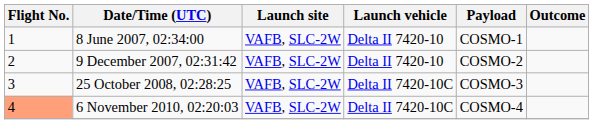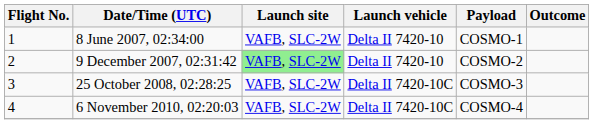 <table class="wikitable" style="text-align: left;">
 <tr>
 <th scope="col">Flight No.</th>
 <th scope="col">Date/Time (<a href='#'>UTC</a>)</th>
 <th scope="col">Launch site</th>
 <th scope="col">Launch vehicle</th>
 <th scope="col">Payload</th>
 <th scope="col">Outcome</th>
 </tr>
 <tr>
 <td>1</td>
 <td>8 June 2007, 02:34:00</td>
 <td><a href='#'>VAFB</a>, <a href='#'>SLC-2W</a></td>
 <td><a href='#'>Delta II</a> 7420-10</td>
 <td>COSMO-1</td>
 <td></td>
 </tr>
 <tr>
 <td>2</td>
 <td>9 December 2007, 02:31:42</td>
-<td><a href='#'>VAFB</a>, <a href='#'>SLC-2W</a></td>
+<td style="background: lightgreen;"><a href='#'>VAFB</a>, <a href='#'>SLC-2W</a></td>
 <td><a href='#'>Delta II</a> 7420-10</td>
 <td>COSMO-2</td>
 <td></td>
 </tr>
 <tr>
 <td>3</td>
 <td>25 October 2008, 02:28:25</td>
 <td><a href='#'>VAFB</a>, <a href='#'>SLC-2W</a></td>
 <td><a href='#'>Delta II</a> 7420-10C</td>
 <td>COSMO-3</td>
 <td></td>
 </tr>
 <tr>
-<td style="background: lightsalmon;">4</td>
+<td>4</td>
 <td>6 November 2010, 02:20:03</td>
 <td><a href='#'>VAFB</a>, <a href='#'>SLC-2W</a></td>
 <td><a href='#'>Delta II</a> 7420-10C</td>
 <td>COSMO-4</td>
 <td></td>
 </tr>
 <tr>
 </tr>
 </table>
